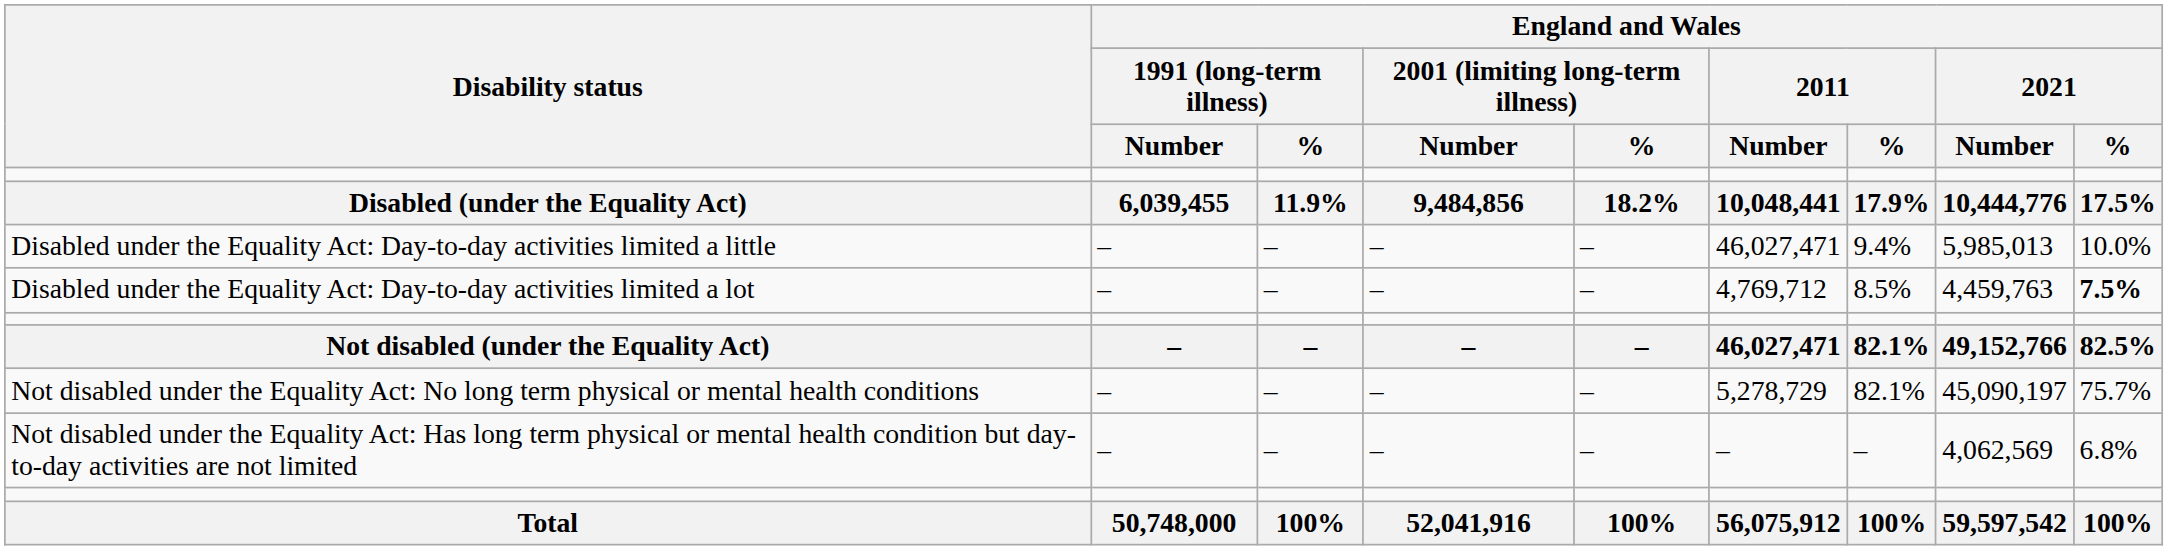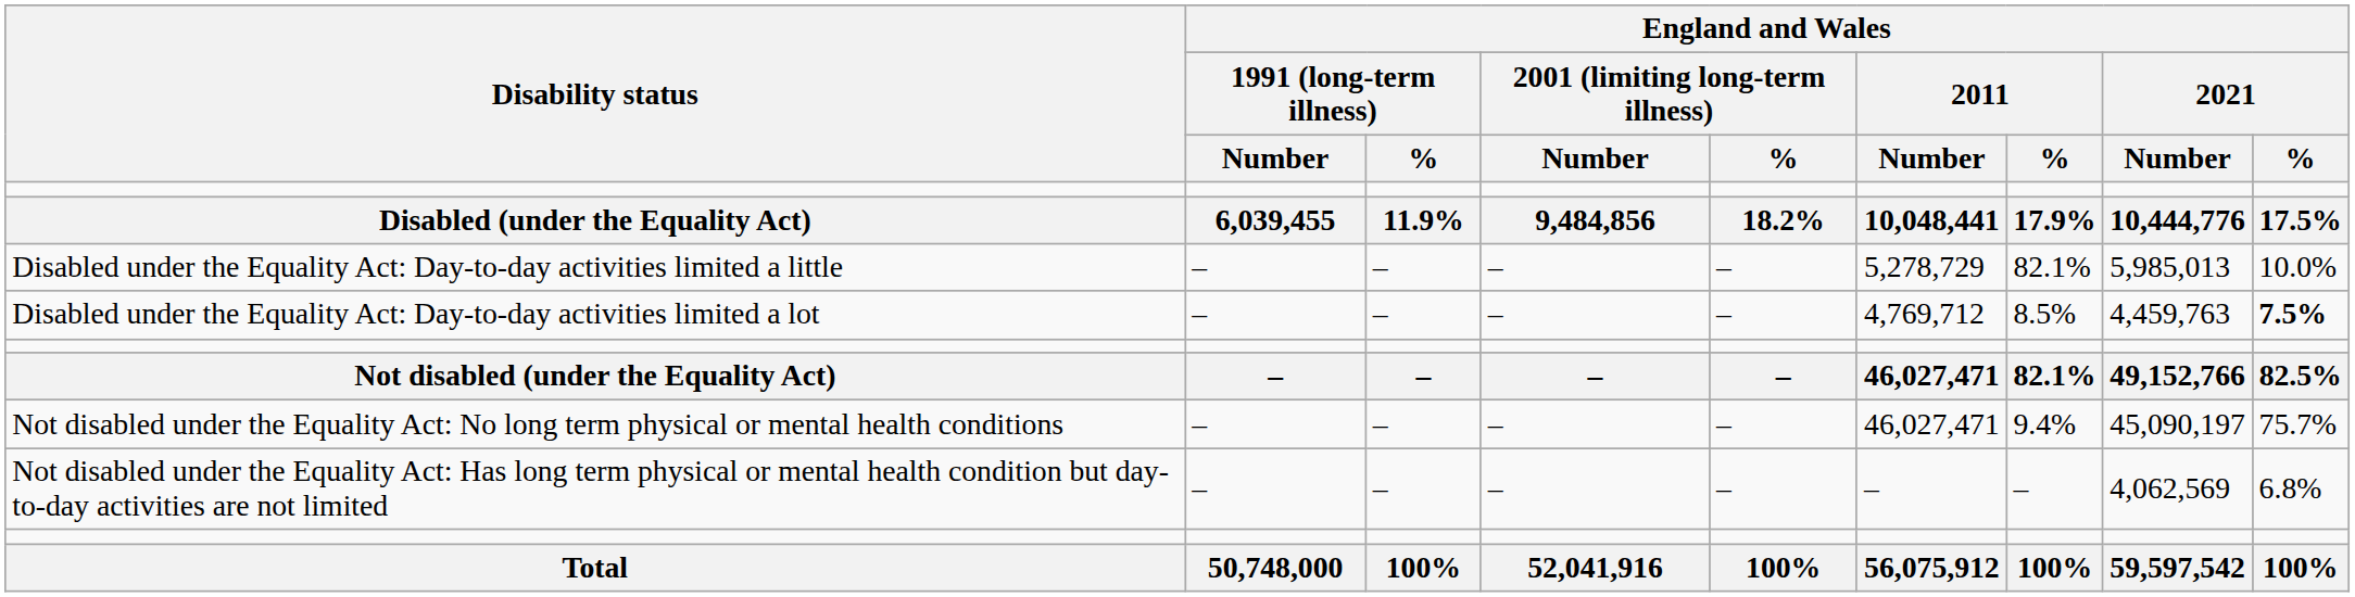 <table class="wikitable">
 <tr>
 <th rowspan="3">Disability status</th>
 <th colspan="8">England and Wales</th>
 </tr>
 <tr>
 <th colspan="2">1991 (long-term illness)</th>
 <th colspan="2">2001 (limiting long-term illness)</th>
 <th colspan="2">2011</th>
 <th colspan="2">2021</th>
 </tr>
 <tr>
 <th>Number</th>
 <th>%</th>
 <th>Number</th>
 <th>%</th>
 <th>Number</th>
 <th>%</th>
 <th>Number</th>
 <th>%</th>
 </tr>
 <tr>
 <td></td>
 <td></td>
 <td></td>
 <td></td>
 <td></td>
 <td></td>
 <td></td>
 <td></td>
 <td></td>
 </tr>
 <tr>
 <th>Disabled (under the Equality Act)</th>
 <th>6,039,455</th>
 <th>11.9%</th>
 <th>9,484,856</th>
 <th>18.2%</th>
 <th>10,048,441</th>
 <th>17.9%</th>
 <th>10,444,776</th>
 <th>17.5%</th>
 </tr>
 <tr>
 <td>Disabled under the Equality Act: Day-to-day activities limited a little</td>
 <td>–</td>
 <td>–</td>
 <td>–</td>
 <td>–</td>
-<td>46,027,471</td>
-<td>9.4%</td>
+<td>5,278,729</td>
+<td>82.1%</td>
 <td>5,985,013</td>
 <td>10.0%</td>
 </tr>
 <tr>
 <td>Disabled under the Equality Act: Day-to-day activities limited a lot</td>
 <td>–</td>
 <td>–</td>
 <td>–</td>
 <td>–</td>
 <td>4,769,712</td>
 <td>8.5%</td>
 <td>4,459,763</td>
 <td><strong>7.5%</strong></td>
 </tr>
 <tr>
 <td></td>
 <td></td>
 <td></td>
 <td></td>
 <td></td>
 <td></td>
 <td></td>
 <td></td>
 <td></td>
 </tr>
 <tr>
 <th>Not disabled (under the Equality Act)</th>
 <th>–</th>
 <th>–</th>
 <th>–</th>
 <th>–</th>
 <th>46,027,471</th>
 <th>82.1%</th>
 <th>49,152,766</th>
 <th>82.5%</th>
 </tr>
 <tr>
 <td>Not disabled under the Equality Act: No long term physical or mental health conditions</td>
 <td>–</td>
 <td>–</td>
 <td>–</td>
 <td>–</td>
-<td>5,278,729</td>
-<td>82.1%</td>
+<td>46,027,471</td>
+<td>9.4%</td>
 <td>45,090,197</td>
 <td>75.7%</td>
 </tr>
 <tr>
 <td>Not disabled under the Equality Act: Has long term physical or mental health condition but day-to-day activities are not limited</td>
 <td>–</td>
 <td>–</td>
 <td>–</td>
 <td>–</td>
 <td>–</td>
 <td>–</td>
 <td>4,062,569</td>
 <td>6.8%</td>
 </tr>
 <tr>
 <td></td>
 <td></td>
 <td></td>
 <td></td>
 <td></td>
 <td></td>
 <td></td>
 <td></td>
 <td></td>
 </tr>
 <tr>
 <th>Total</th>
 <th>50,748,000</th>
 <th>100%</th>
 <th>52,041,916</th>
 <th>100%</th>
 <th>56,075,912</th>
 <th>100%</th>
 <th>59,597,542</th>
 <th>100%</th>
 </tr>
 </table>
